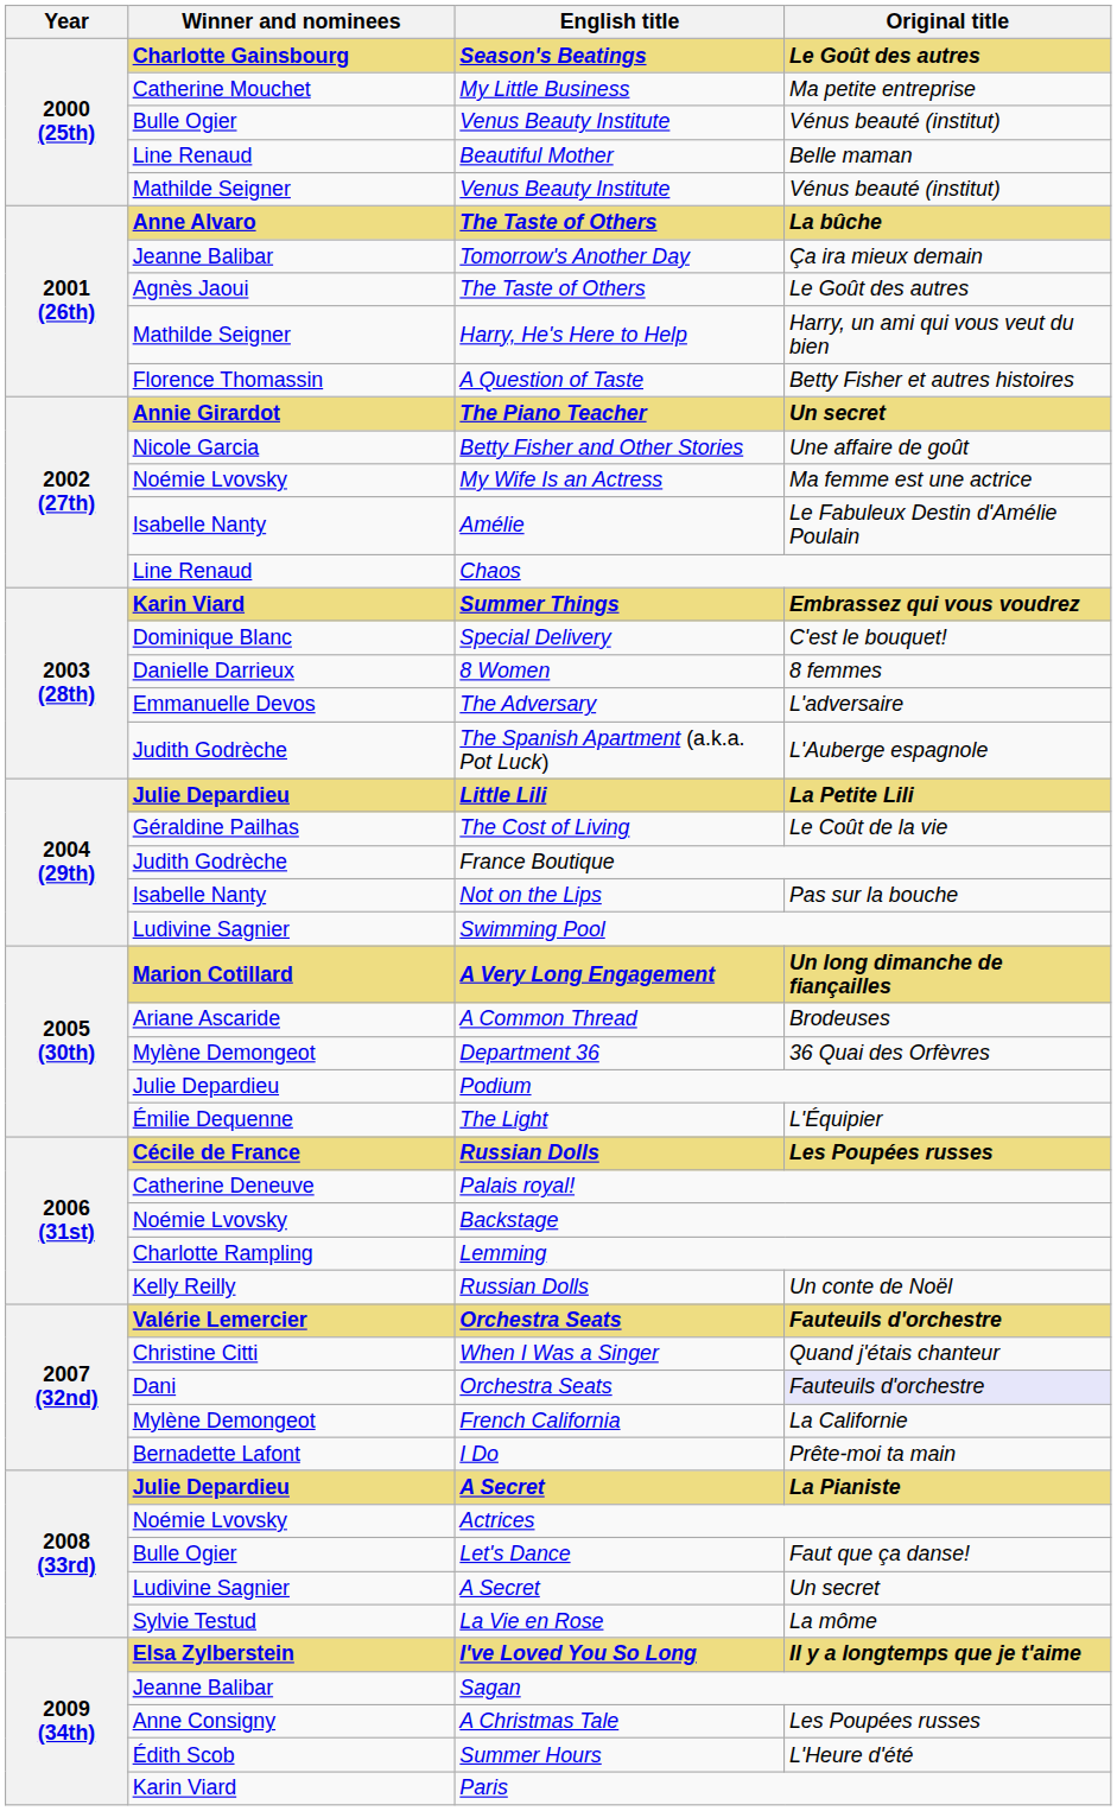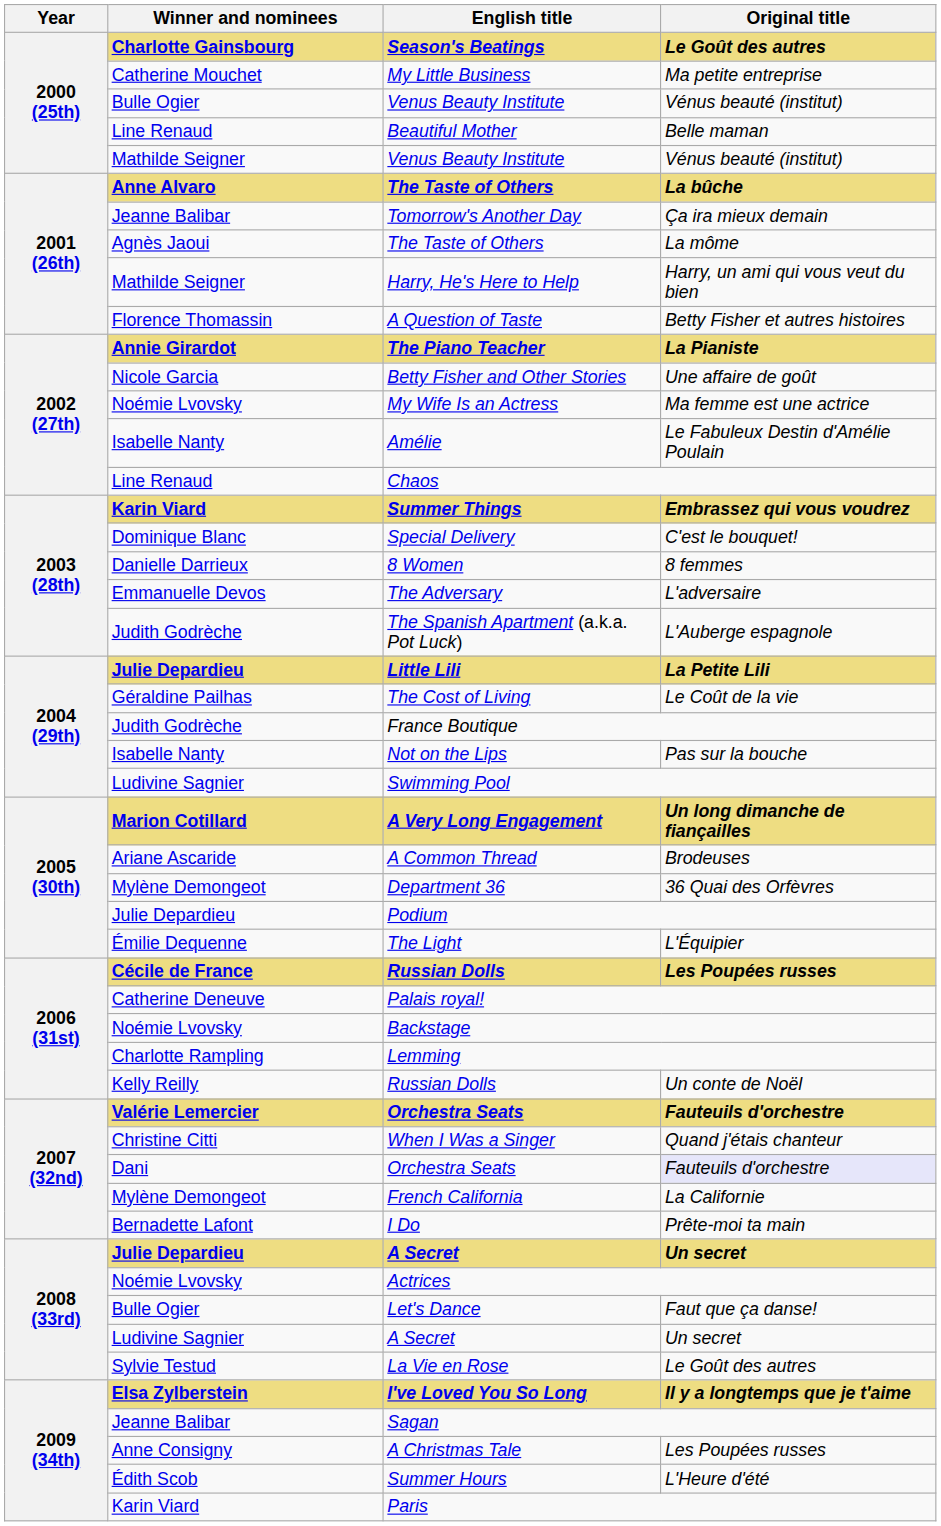 <table class="wikitable" width="95%" cellpadding="5">
 <tr>
 <th width="100">Year</th>
 <th width="300">Winner and nominees</th>
 <th width="300">English title</th>
 <th width="300">Original title</th>
 </tr>
 <tr>
 <th rowspan="5" style="text-align:center;">2000<br><a href='#'>(25th)</a></th>
 <td style="background:#eedd82;"><strong><a href='#'>Charlotte Gainsbourg</a></strong></td>
 <td style="background:#eedd82;"><em><a href='#'><strong>Season's Beatings</strong></a></em></td>
 <td style="background:#eedd82;"><strong><em>Le Goût des autres</em></strong></td>
 </tr>
 <tr>
 <td><a href='#'>Catherine Mouchet</a></td>
 <td><em><a href='#'>My Little Business</a></em></td>
 <td><em>Ma petite entreprise</em></td>
 </tr>
 <tr>
 <td><a href='#'>Bulle Ogier</a></td>
 <td><em><a href='#'>Venus Beauty Institute</a></em></td>
 <td><em>Vénus beauté (institut)</em></td>
 </tr>
 <tr>
 <td><a href='#'>Line Renaud</a></td>
 <td><em><a href='#'>Beautiful Mother</a></em></td>
 <td><em>Belle maman</em></td>
 </tr>
 <tr>
 <td><a href='#'>Mathilde Seigner</a></td>
 <td><em><a href='#'>Venus Beauty Institute</a></em></td>
 <td><em>Vénus beauté (institut)</em></td>
 </tr>
 <tr>
 <th rowspan="5" style="text-align:center;">2001<br><a href='#'>(26th)</a></th>
 <td style="background:#eedd82;"><strong><a href='#'>Anne Alvaro</a></strong></td>
 <td style="background:#eedd82;"><strong><em><a href='#'>The Taste of Others</a></em></strong></td>
 <td style="background:#eedd82;"><strong><em>La bûche</em></strong></td>
 </tr>
 <tr>
 <td><a href='#'>Jeanne Balibar</a></td>
 <td><em><a href='#'>Tomorrow's Another Day</a></em></td>
 <td><em>Ça ira mieux demain</em></td>
 </tr>
 <tr>
 <td><a href='#'>Agnès Jaoui</a></td>
 <td><em><a href='#'>The Taste of Others</a></em></td>
-<td><em>Le Goût des autres</em></td>
+<td><em>La môme</em></td>
 </tr>
 <tr>
 <td><a href='#'>Mathilde Seigner</a></td>
 <td><em><a href='#'>Harry, He's Here to Help</a></em></td>
 <td><em>Harry, un ami qui vous veut du bien</em></td>
 </tr>
 <tr>
 <td><a href='#'>Florence Thomassin</a></td>
 <td><em><a href='#'>A Question of Taste</a></em></td>
 <td><em>Betty Fisher et autres histoires</em></td>
 </tr>
 <tr>
 <th rowspan="5" style="text-align:center;">2002<br><a href='#'>(27th)</a></th>
 <td style="background:#eedd82;"><strong><a href='#'>Annie Girardot</a></strong></td>
 <td style="background:#eedd82;"><em><a href='#'><strong>The Piano Teacher</strong></a></em></td>
-<td style="background:#eedd82;"><strong><em>Un secret</em></strong></td>
+<td style="background:#eedd82;"><strong><em>La Pianiste</em></strong></td>
 </tr>
 <tr>
 <td><a href='#'>Nicole Garcia</a></td>
 <td><em><a href='#'>Betty Fisher and Other Stories</a></em></td>
 <td><em>Une affaire de goût</em></td>
 </tr>
 <tr>
 <td><a href='#'>Noémie Lvovsky</a></td>
 <td><em><a href='#'>My Wife Is an Actress</a></em></td>
 <td><em>Ma femme est une actrice</em></td>
 </tr>
 <tr>
 <td><a href='#'>Isabelle Nanty</a></td>
 <td><em><a href='#'>Amélie</a></em></td>
 <td><em>Le Fabuleux Destin d'Amélie Poulain</em></td>
 </tr>
 <tr>
 <td><a href='#'>Line Renaud</a></td>
 <td colspan="2"><em><a href='#'>Chaos</a></em></td>
 </tr>
 <tr>
 <th rowspan="5" style="text-align:center;">2003<br><a href='#'>(28th)</a></th>
 <td style="background:#eedd82;"><strong><a href='#'>Karin Viard</a></strong></td>
 <td style="background:#eedd82;"><strong><em><a href='#'>Summer Things</a></em></strong></td>
 <td style="background:#eedd82;"><strong><em>Embrassez qui vous voudrez</em></strong></td>
 </tr>
 <tr>
 <td><a href='#'>Dominique Blanc</a></td>
 <td><em><a href='#'>Special Delivery</a></em></td>
 <td><em>C'est le bouquet!</em></td>
 </tr>
 <tr>
 <td><a href='#'>Danielle Darrieux</a></td>
 <td><em><a href='#'>8 Women</a></em></td>
 <td><em>8 femmes</em></td>
 </tr>
 <tr>
 <td><a href='#'>Emmanuelle Devos</a></td>
 <td><em><a href='#'>The Adversary</a></em></td>
 <td><em>L'adversaire</em></td>
 </tr>
 <tr>
 <td><a href='#'>Judith Godrèche</a></td>
 <td><em><a href='#'>The Spanish Apartment</a></em> (a.k.a. <em>Pot Luck</em>)</td>
 <td><em>L'Auberge espagnole</em></td>
 </tr>
 <tr>
 <th rowspan="5" style="text-align:center;">2004<br><a href='#'>(29th)</a></th>
 <td style="background:#eedd82;"><strong><a href='#'>Julie Depardieu</a></strong></td>
 <td style="background:#eedd82;"><strong><em><a href='#'>Little Lili</a></em></strong></td>
 <td style="background:#eedd82;"><strong><em>La Petite Lili</em></strong></td>
 </tr>
 <tr>
 <td><a href='#'>Géraldine Pailhas</a></td>
 <td><em><a href='#'>The Cost of Living</a></em></td>
 <td><em>Le Coût de la vie</em></td>
 </tr>
 <tr>
 <td><a href='#'>Judith Godrèche</a></td>
 <td colspan="2"><em>France Boutique</em></td>
 </tr>
 <tr>
 <td><a href='#'>Isabelle Nanty</a></td>
 <td><em><a href='#'>Not on the Lips</a></em></td>
 <td><em>Pas sur la bouche</em></td>
 </tr>
 <tr>
 <td><a href='#'>Ludivine Sagnier</a></td>
 <td colspan="2"><em><a href='#'>Swimming Pool</a></em></td>
 </tr>
 <tr>
 <th rowspan="5" style="text-align:center;">2005<br><a href='#'>(30th)</a></th>
 <td style="background:#eedd82;"><strong><a href='#'>Marion Cotillard</a></strong></td>
 <td style="background:#eedd82;"><strong><em><a href='#'>A Very Long Engagement</a></em></strong></td>
 <td style="background:#eedd82;"><strong><em>Un long dimanche de fiançailles</em></strong></td>
 </tr>
 <tr>
 <td><a href='#'>Ariane Ascaride</a></td>
 <td><em><a href='#'>A Common Thread</a></em></td>
 <td><em>Brodeuses</em></td>
 </tr>
 <tr>
 <td><a href='#'>Mylène Demongeot</a></td>
 <td><em><a href='#'>Department 36</a></em></td>
 <td><em>36 Quai des Orfèvres</em></td>
 </tr>
 <tr>
 <td><a href='#'>Julie Depardieu</a></td>
 <td colspan="2"><em><a href='#'>Podium</a></em></td>
 </tr>
 <tr>
 <td><a href='#'>Émilie Dequenne</a></td>
 <td><em><a href='#'>The Light</a></em></td>
 <td><em>L'Équipier</em></td>
 </tr>
 <tr>
 <th rowspan="5" style="text-align:center;">2006<br><a href='#'>(31st)</a></th>
 <td style="background:#eedd82;"><strong><a href='#'>Cécile de France</a></strong></td>
 <td style="background:#eedd82;"><em><a href='#'><strong>Russian Dolls</strong></a></em></td>
 <td style="background:#eedd82;"><strong><em>Les Poupées russes</em></strong></td>
 </tr>
 <tr>
 <td><a href='#'>Catherine Deneuve</a></td>
 <td colspan="2"><em><a href='#'>Palais royal!</a></em></td>
 </tr>
 <tr>
 <td><a href='#'>Noémie Lvovsky</a></td>
 <td colspan="2"><em><a href='#'>Backstage</a></em></td>
 </tr>
 <tr>
 <td><a href='#'>Charlotte Rampling</a></td>
 <td colspan="2"><em><a href='#'>Lemming</a></em></td>
 </tr>
 <tr>
 <td><a href='#'>Kelly Reilly</a></td>
 <td><em><a href='#'>Russian Dolls</a></em></td>
 <td><em>Un conte de Noël</em></td>
 </tr>
 <tr>
 <th rowspan="5" style="text-align:center;">2007<br><a href='#'>(32nd)</a></th>
 <td style="background:#eedd82;"><strong><a href='#'>Valérie Lemercier</a></strong></td>
 <td style="background:#eedd82;"><em><a href='#'><strong>Orchestra Seats</strong></a></em></td>
 <td style="background:#eedd82;"><strong><em>Fauteuils d'orchestre</em></strong></td>
 </tr>
 <tr>
 <td><a href='#'>Christine Citti</a></td>
 <td><em><a href='#'>When I Was a Singer</a></em></td>
 <td><em>Quand j'étais chanteur</em></td>
 </tr>
 <tr>
 <td><a href='#'>Dani</a></td>
 <td><em><a href='#'>Orchestra Seats</a></em></td>
 <td style="background: lavender;"><em>Fauteuils d'orchestre</em></td>
 </tr>
 <tr>
 <td><a href='#'>Mylène Demongeot</a></td>
 <td><em><a href='#'>French California</a></em></td>
 <td><em>La Californie</em></td>
 </tr>
 <tr>
 <td><a href='#'>Bernadette Lafont</a></td>
 <td><em><a href='#'>I Do</a></em></td>
 <td><em>Prête-moi ta main</em></td>
 </tr>
 <tr>
 <th rowspan="5" style="text-align:center;">2008<br><a href='#'>(33rd)</a></th>
 <td style="background:#eedd82;"><strong><a href='#'>Julie Depardieu</a></strong></td>
 <td style="background:#eedd82;"><strong><em><a href='#'>A Secret</a></em></strong></td>
-<td style="background:#eedd82;"><strong><em>La Pianiste</em></strong></td>
+<td style="background:#eedd82;"><strong><em>Un secret</em></strong></td>
 </tr>
 <tr>
 <td><a href='#'>Noémie Lvovsky</a></td>
 <td colspan=2><em><a href='#'>Actrices</a></em></td>
 </tr>
 <tr>
 <td><a href='#'>Bulle Ogier</a></td>
 <td><em><a href='#'>Let's Dance</a></em></td>
 <td><em>Faut que ça danse!</em></td>
 </tr>
 <tr>
 <td><a href='#'>Ludivine Sagnier</a></td>
 <td><em><a href='#'>A Secret</a></em></td>
 <td><em>Un secret</em></td>
 </tr>
 <tr>
 <td><a href='#'>Sylvie Testud</a></td>
 <td><em><a href='#'>La Vie en Rose</a></em></td>
-<td><em>La môme</em></td>
+<td><em>Le Goût des autres</em></td>
 </tr>
 <tr>
 <th rowspan="5" style="text-align:center;">2009<br><a href='#'>(34th)</a></th>
 <td style="background:#eedd82;"><strong><a href='#'>Elsa Zylberstein</a></strong></td>
 <td style="background:#eedd82;"><strong><em><a href='#'>I've Loved You So Long</a></em></strong></td>
 <td style="background:#eedd82;"><strong><em>Il y a longtemps que je t'aime</em></strong></td>
 </tr>
 <tr>
 <td><a href='#'>Jeanne Balibar</a></td>
 <td colspan="2"><em><a href='#'>Sagan</a></em></td>
 </tr>
 <tr>
 <td><a href='#'>Anne Consigny</a></td>
 <td><em><a href='#'>A Christmas Tale</a></em></td>
 <td><em>Les Poupées russes</em></td>
 </tr>
 <tr>
 <td><a href='#'>Édith Scob</a></td>
 <td><em><a href='#'>Summer Hours</a></em></td>
 <td><em>L'Heure d'été</em></td>
 </tr>
 <tr>
 <td><a href='#'>Karin Viard</a></td>
 <td colspan="2"><em><a href='#'>Paris</a></em></td>
 </tr>
 </table>
